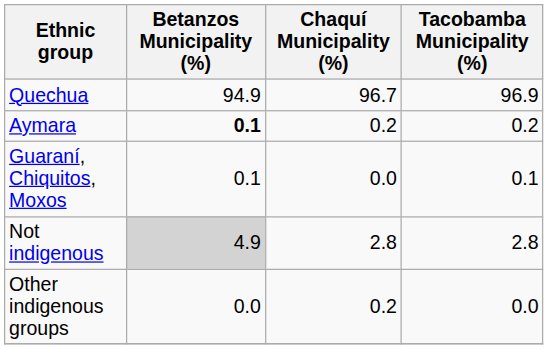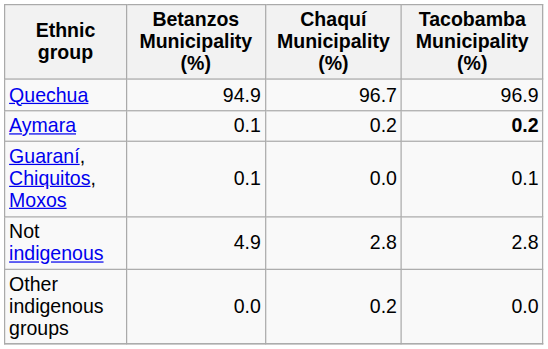 <table class="wikitable" border="1" style="width:35%;" border="1">
 <tr bgcolor=#EFEFEF>
 <th><strong>Ethnic group</strong></th>
 <th><strong>Betanzos Municipality (%)</strong></th>
 <th><strong>Chaquí Municipality (%)</strong></th>
 <th><strong>Tacobamba Municipality (%)</strong></th>
 </tr>
 <tr>
 <td><a href='#'>Quechua</a></td>
 <td align="right">94.9</td>
 <td align="right">96.7</td>
 <td align="right">96.9</td>
 </tr>
 <tr>
 <td><a href='#'>Aymara</a></td>
-<td align="right"><strong>0.1</strong></td>
+<td align="right">0.1</td>
 <td align="right">0.2</td>
-<td align="right">0.2</td>
+<td align="right"><strong>0.2</strong></td>
 </tr>
 <tr>
 <td><a href='#'>Guaraní</a>, <a href='#'>Chiquitos</a>, <a href='#'>Moxos</a></td>
 <td align="right">0.1</td>
 <td align="right">0.0</td>
 <td align="right">0.1</td>
 </tr>
 <tr>
 <td>Not <a href='#'>indigenous</a></td>
-<td align="right" style="background: lightgrey;">4.9</td>
+<td align="right">4.9</td>
 <td align="right">2.8</td>
 <td align="right">2.8</td>
 </tr>
 <tr>
 <td>Other indigenous groups</td>
 <td align="right">0.0</td>
 <td align="right">0.2</td>
 <td align="right">0.0</td>
 </tr>
 <tr>
 </tr>
 </table>
